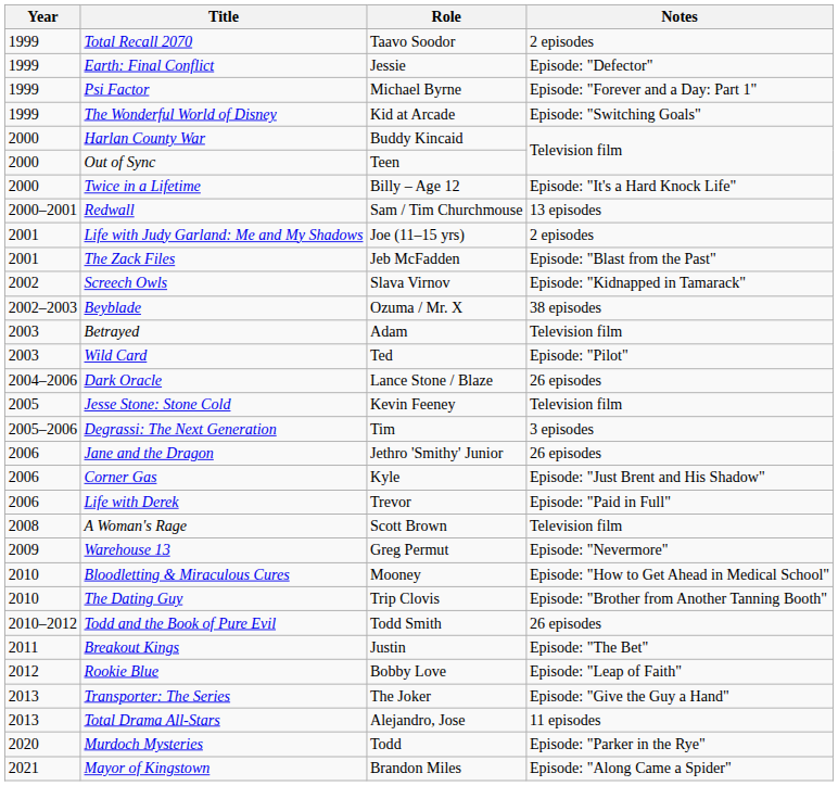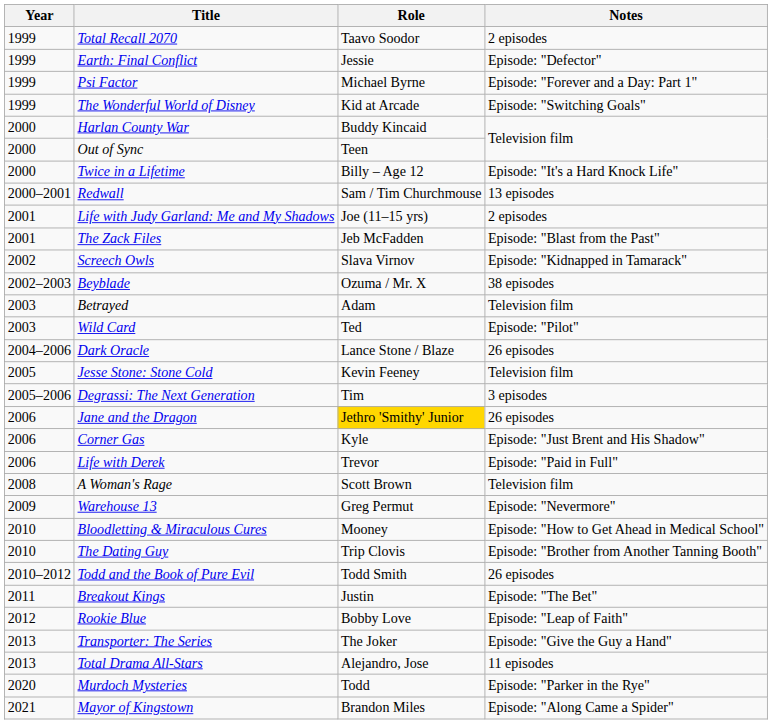 <table class="wikitable sortable">
 <tr>
 <th>Year</th>
 <th>Title</th>
 <th>Role</th>
 <th>Notes</th>
 </tr>
 <tr>
 <td>1999</td>
 <td><em><a href='#'>Total Recall 2070</a></em></td>
 <td>Taavo Soodor</td>
 <td>2 episodes</td>
 </tr>
 <tr>
 <td>1999</td>
 <td><em><a href='#'>Earth: Final Conflict</a></em></td>
 <td>Jessie</td>
 <td>Episode: "Defector"</td>
 </tr>
 <tr>
 <td>1999</td>
 <td><em><a href='#'>Psi Factor</a></em></td>
 <td>Michael Byrne</td>
 <td>Episode: "Forever and a Day: Part 1"</td>
 </tr>
 <tr>
 <td>1999</td>
 <td data-sort-value="Wonderful World of Disney, The"><em><a href='#'>The Wonderful World of Disney</a></em></td>
 <td>Kid at Arcade</td>
 <td>Episode: "Switching Goals"</td>
 </tr>
 <tr>
 <td>2000</td>
 <td><a href='#'><em>Harlan County War</em></a></td>
 <td>Buddy Kincaid</td>
 <td rowspan="2">Television film</td>
 </tr>
 <tr>
 <td>2000</td>
 <td><em>Out of Sync</em></td>
 <td>Teen</td>
 </tr>
 <tr>
 <td>2000</td>
 <td><a href='#'><em>Twice in a Lifetime</em></a></td>
 <td>Billy – Age 12</td>
 <td>Episode: "It's a Hard Knock Life"</td>
 </tr>
 <tr>
 <td>2000–2001</td>
 <td><a href='#'><em>Redwall</em></a></td>
 <td>Sam / Tim Churchmouse</td>
 <td>13 episodes</td>
 </tr>
 <tr>
 <td>2001</td>
 <td><em><a href='#'>Life with Judy Garland: Me and My Shadows</a></em></td>
 <td>Joe (11–15 yrs)</td>
 <td>2 episodes</td>
 </tr>
 <tr>
 <td>2001</td>
 <td data-sort-value="Zack Files, The"><em><a href='#'>The Zack Files</a></em></td>
 <td>Jeb McFadden</td>
 <td>Episode: "Blast from the Past"</td>
 </tr>
 <tr>
 <td>2002</td>
 <td><em><a href='#'>Screech Owls</a></em></td>
 <td>Slava Virnov</td>
 <td>Episode: "Kidnapped in Tamarack"</td>
 </tr>
 <tr>
 <td>2002–2003</td>
 <td><em><a href='#'>Beyblade</a></em></td>
 <td>Ozuma / Mr. X</td>
 <td>38 episodes</td>
 </tr>
 <tr>
 <td>2003</td>
 <td><em>Betrayed</em></td>
 <td>Adam</td>
 <td>Television film</td>
 </tr>
 <tr>
 <td>2003</td>
 <td><a href='#'><em>Wild Card</em></a></td>
 <td>Ted</td>
 <td>Episode: "Pilot"</td>
 </tr>
 <tr>
 <td>2004–2006</td>
 <td><em><a href='#'>Dark Oracle</a></em></td>
 <td>Lance Stone / Blaze</td>
 <td>26 episodes</td>
 </tr>
 <tr>
 <td>2005</td>
 <td><em><a href='#'>Jesse Stone: Stone Cold</a></em></td>
 <td>Kevin Feeney</td>
 <td>Television film</td>
 </tr>
 <tr>
 <td>2005–2006</td>
 <td><em><a href='#'>Degrassi: The Next Generation</a></em></td>
 <td>Tim</td>
 <td>3 episodes</td>
 </tr>
 <tr>
 <td>2006</td>
 <td><a href='#'><em>Jane and the Dragon</em></a></td>
-<td>Jethro 'Smithy' Junior</td>
+<td style="background: gold;">Jethro 'Smithy' Junior</td>
 <td>26 episodes</td>
 </tr>
 <tr>
 <td>2006</td>
 <td><em><a href='#'>Corner Gas</a></em></td>
 <td>Kyle</td>
 <td>Episode: "Just Brent and His Shadow"</td>
 </tr>
 <tr>
 <td>2006</td>
 <td><em><a href='#'>Life with Derek</a></em></td>
 <td>Trevor</td>
 <td>Episode: "Paid in Full"</td>
 </tr>
 <tr>
 <td>2008</td>
 <td data-sort-value="Woman's Rage, A"><em>A Woman's Rage</em></td>
 <td>Scott Brown</td>
 <td>Television film</td>
 </tr>
 <tr>
 <td>2009</td>
 <td><em><a href='#'>Warehouse 13</a></em></td>
 <td>Greg Permut</td>
 <td>Episode: "Nevermore"</td>
 </tr>
 <tr>
 <td>2010</td>
 <td><em><a href='#'>Bloodletting & Miraculous Cures</a></em></td>
 <td>Mooney</td>
 <td>Episode: "How to Get Ahead in Medical School"</td>
 </tr>
 <tr>
 <td>2010</td>
 <td data-sort-value="Dating Guy, The"><em><a href='#'>The Dating Guy</a></em></td>
 <td>Trip Clovis</td>
 <td>Episode: "Brother from Another Tanning Booth"</td>
 </tr>
 <tr>
 <td>2010–2012</td>
 <td><em><a href='#'>Todd and the Book of Pure Evil</a></em></td>
 <td>Todd Smith</td>
 <td>26 episodes</td>
 </tr>
 <tr>
 <td>2011</td>
 <td><em><a href='#'>Breakout Kings</a></em></td>
 <td>Justin</td>
 <td>Episode: "The Bet"</td>
 </tr>
 <tr>
 <td>2012</td>
 <td><em><a href='#'>Rookie Blue</a></em></td>
 <td>Bobby Love</td>
 <td>Episode: "Leap of Faith"</td>
 </tr>
 <tr>
 <td>2013</td>
 <td><em><a href='#'>Transporter: The Series</a></em></td>
 <td>The Joker</td>
 <td>Episode: "Give the Guy a Hand"</td>
 </tr>
 <tr>
 <td>2013</td>
 <td><em><a href='#'>Total Drama All-Stars</a></em></td>
 <td>Alejandro, Jose</td>
 <td>11 episodes</td>
 </tr>
 <tr>
 <td>2020</td>
 <td><em><a href='#'>Murdoch Mysteries</a></em></td>
 <td>Todd</td>
 <td>Episode: "Parker in the Rye"</td>
 </tr>
 <tr>
 <td>2021</td>
 <td><em><a href='#'>Mayor of Kingstown</a></em></td>
 <td>Brandon Miles</td>
 <td>Episode: "Along Came a Spider"</td>
 </tr>
 </table>
